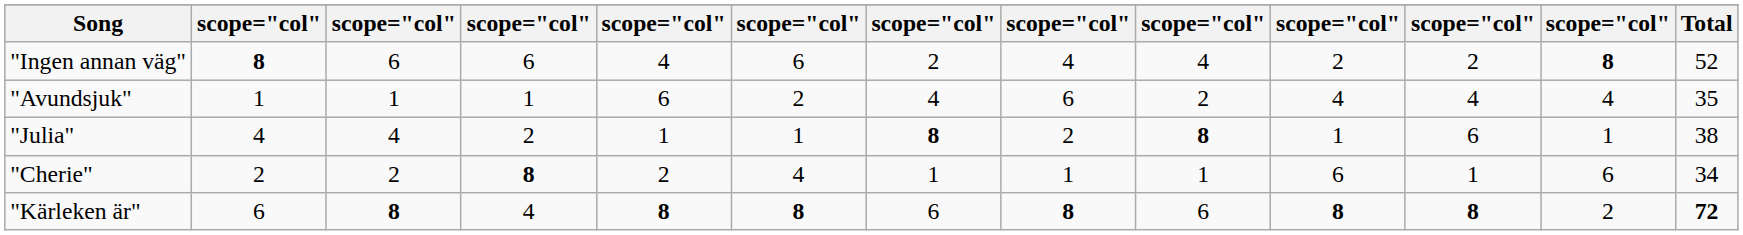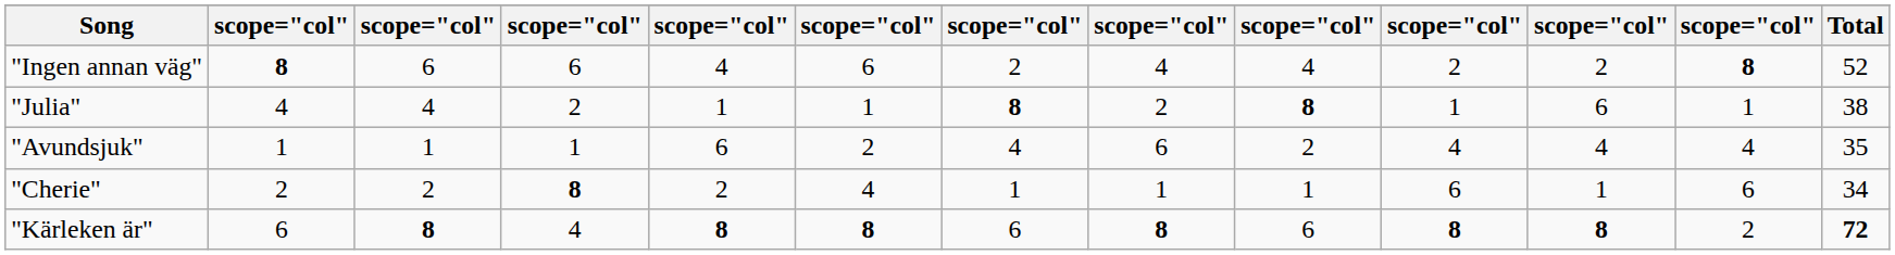 <table class="wikitable plainrowheaders" style="margin: 1em auto 1em auto; text-align:center;">
 <tr>
 </tr>
 <tr>
 <th scope="col">Song</th>
 <th>scope="col" </th>
 <th>scope="col" </th>
 <th>scope="col" </th>
 <th>scope="col" </th>
 <th>scope="col" </th>
 <th>scope="col" </th>
 <th>scope="col" </th>
 <th>scope="col" </th>
 <th>scope="col" </th>
 <th>scope="col" </th>
 <th>scope="col" </th>
 <th scope="col">Total</th>
 </tr>
 <tr>
 <td align="left">"Ingen annan väg"</td>
 <td><strong>8</strong></td>
 <td>6</td>
 <td>6</td>
 <td>4</td>
 <td>6</td>
 <td>2</td>
 <td>4</td>
 <td>4</td>
 <td>2</td>
 <td>2</td>
 <td><strong>8</strong></td>
 <td>52</td>
 </tr>
 <tr>
+<td align="left">"Julia"</td>
+<td>4</td>
+<td>4</td>
+<td>2</td>
+<td>1</td>
+<td>1</td>
+<td><strong>8</strong></td>
+<td>2</td>
+<td><strong>8</strong></td>
+<td>1</td>
+<td>6</td>
+<td>1</td>
+<td>38</td>
+</tr>
+<tr>
 <td align="left">"Avundsjuk"</td>
 <td>1</td>
 <td>1</td>
 <td>1</td>
 <td>6</td>
 <td>2</td>
 <td>4</td>
 <td>6</td>
 <td>2</td>
 <td>4</td>
 <td>4</td>
 <td>4</td>
 <td>35</td>
-</tr>
-<tr>
-<td align="left">"Julia"</td>
-<td>4</td>
-<td>4</td>
-<td>2</td>
-<td>1</td>
-<td>1</td>
-<td><strong>8</strong></td>
-<td>2</td>
-<td><strong>8</strong></td>
-<td>1</td>
-<td>6</td>
-<td>1</td>
-<td>38</td>
 </tr>
 <tr>
 <td align="left">"Cherie"</td>
 <td>2</td>
 <td>2</td>
 <td><strong>8</strong></td>
 <td>2</td>
 <td>4</td>
 <td>1</td>
 <td>1</td>
 <td>1</td>
 <td>6</td>
 <td>1</td>
 <td>6</td>
 <td>34</td>
 </tr>
 <tr>
 <td align="left">"Kärleken är"</td>
 <td>6</td>
 <td><strong>8</strong></td>
 <td>4</td>
 <td><strong>8</strong></td>
 <td><strong>8</strong></td>
 <td>6</td>
 <td><strong>8</strong></td>
 <td>6</td>
 <td><strong>8</strong></td>
 <td><strong>8</strong></td>
 <td>2</td>
 <td><strong>72</strong></td>
 </tr>
 </table>
